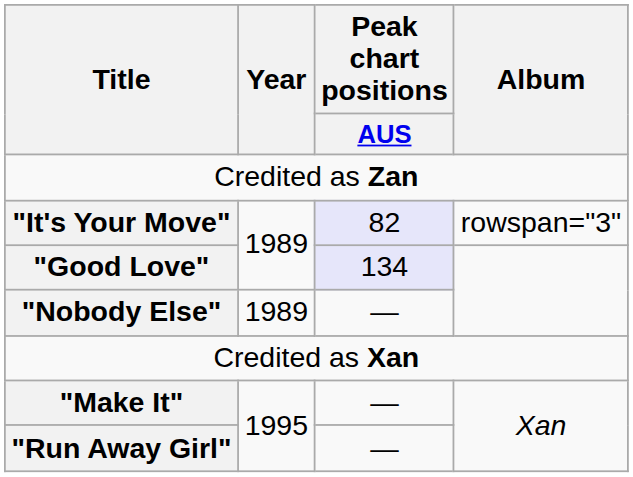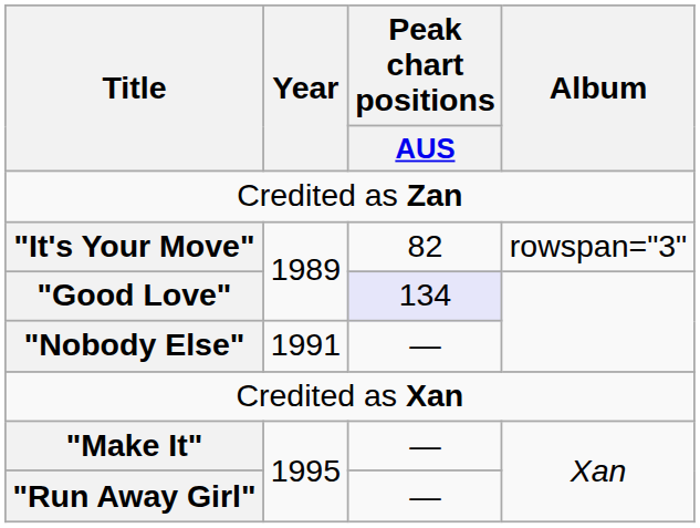 <table class="wikitable plainrowheaders" style="text-align:center;" border="1">
 <tr>
 <th scope="col" rowspan="2">Title</th>
 <th scope="col" rowspan="2">Year</th>
 <th scope="col" colspan="1">Peak chart positions</th>
 <th scope="col" rowspan="2">Album</th>
 </tr>
 <tr>
 <th scope="col" style="width:3em; font-size:90%"><a href='#'>AUS</a><br></th>
 </tr>
 <tr>
 <td colspan=5>Credited as <strong>Zan</strong></td>
 </tr>
 <tr>
 <th scope="row">"It's Your Move"</th>
 <td rowspan="2">1989</td>
-<td style="background: lavender;">82</td>
+<td>82</td>
 <td>rowspan="3" </td>
 </tr>
 <tr>
 <th scope="row">"Good Love"</th>
 <td style="background: lavender;">134</td>
 </tr>
 <tr>
 <th scope="row">"Nobody Else"</th>
-<td>1989</td>
+<td>1991</td>
 <td>—</td>
 </tr>
 <tr>
 <td colspan=5>Credited as <strong>Xan</strong></td>
 </tr>
 <tr>
 <th scope="row">"Make It"</th>
 <td rowspan="2">1995</td>
 <td>—</td>
 <td rowspan="2"><em>Xan</em></td>
 </tr>
 <tr>
 <th scope="row">"Run Away Girl"</th>
 <td>—</td>
 </tr>
 </table>
